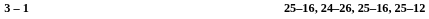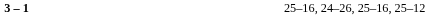 <table width=100% cellspacing=1>
 <tr>
 <th width=20%></th>
 <th width=12%></th>
 <th width=20%></th>
 <th width=33%></th>
 <td></td>
 </tr>
 <tr style=font-size:95%>
 <td align=right><strong></strong></td>
 <td align=center><strong>3 – 1</strong></td>
 <td></td>
-<td><strong>25–16, 24–26, 25–16, 25–12</strong></td>
+<td>25–16, 24–26, 25–16, 25–12</td>
 </tr>
 </table>
